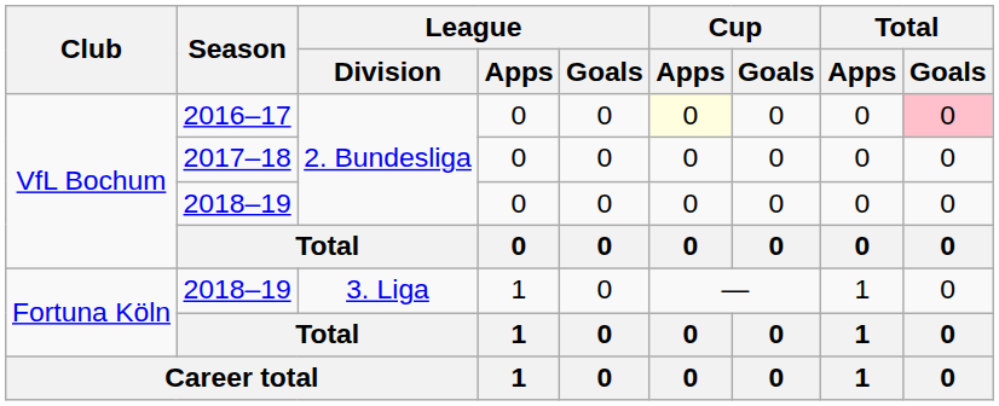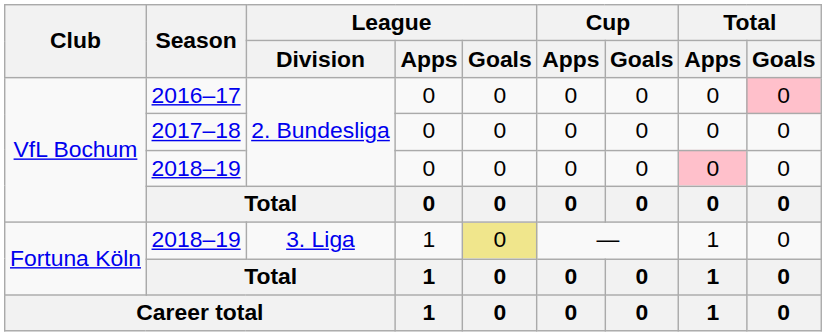 <table class="wikitable" style="text-align: center">
 <tr>
 <th rowspan="2">Club</th>
 <th rowspan="2">Season</th>
 <th colspan="3">League</th>
 <th colspan="2">Cup</th>
 <th colspan="2">Total</th>
 </tr>
 <tr>
 <th>Division</th>
 <th>Apps</th>
 <th>Goals</th>
 <th>Apps</th>
 <th>Goals</th>
 <th>Apps</th>
 <th>Goals</th>
 </tr>
 <tr>
 <td rowspan="4"><a href='#'>VfL Bochum</a></td>
 <td><a href='#'>2016–17</a></td>
 <td rowspan="3"><a href='#'>2. Bundesliga</a></td>
 <td>0</td>
 <td>0</td>
-<td style="background: lightyellow;">0</td>
+<td>0</td>
 <td>0</td>
 <td>0</td>
 <td style="background: pink;">0</td>
 </tr>
 <tr>
 <td><a href='#'>2017–18</a></td>
 <td>0</td>
 <td>0</td>
 <td>0</td>
 <td>0</td>
 <td>0</td>
 <td>0</td>
 </tr>
 <tr>
 <td><a href='#'>2018–19</a></td>
 <td>0</td>
 <td>0</td>
 <td>0</td>
 <td>0</td>
-<td>0</td>
+<td style="background: pink;">0</td>
 <td>0</td>
 </tr>
 <tr>
 <th colspan=2>Total</th>
 <th>0</th>
 <th>0</th>
 <th>0</th>
 <th>0</th>
 <th>0</th>
 <th>0</th>
 </tr>
 <tr>
 <td rowspan="2"><a href='#'>Fortuna Köln</a></td>
 <td><a href='#'>2018–19</a></td>
 <td><a href='#'>3. Liga</a></td>
 <td>1</td>
-<td>0</td>
+<td style="background: khaki;">0</td>
 <td colspan="2">—</td>
 <td>1</td>
 <td>0</td>
 </tr>
 <tr>
 <th colspan=2>Total</th>
 <th>1</th>
 <th>0</th>
 <th>0</th>
 <th>0</th>
 <th>1</th>
 <th>0</th>
 </tr>
 <tr>
 <th colspan=3>Career total</th>
 <th>1</th>
 <th>0</th>
 <th>0</th>
 <th>0</th>
 <th>1</th>
 <th>0</th>
 </tr>
 </table>
